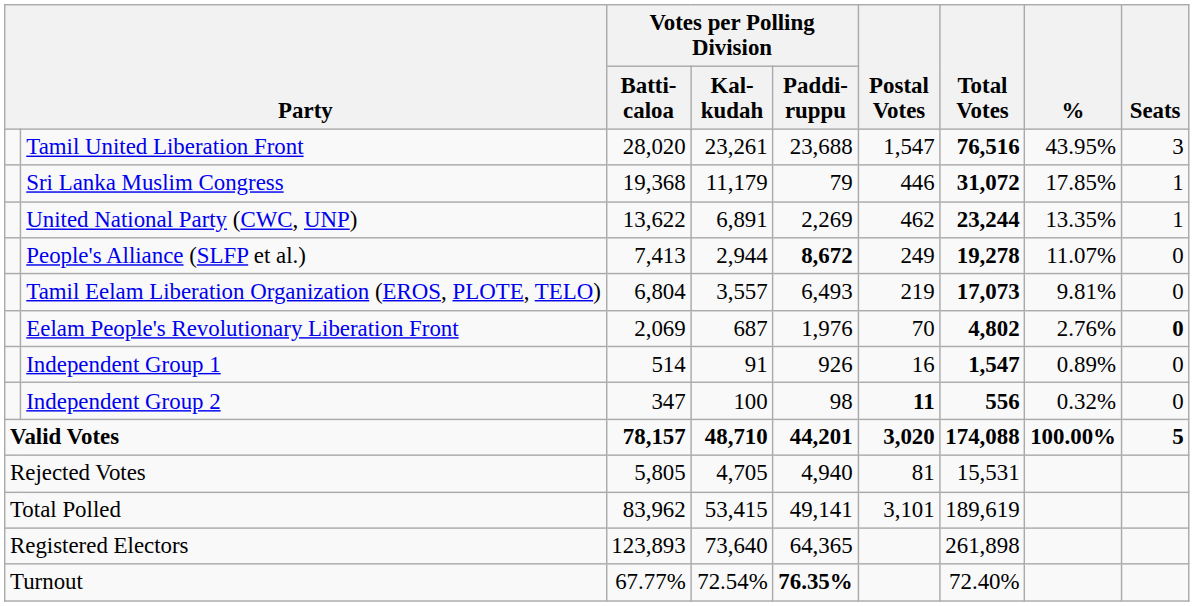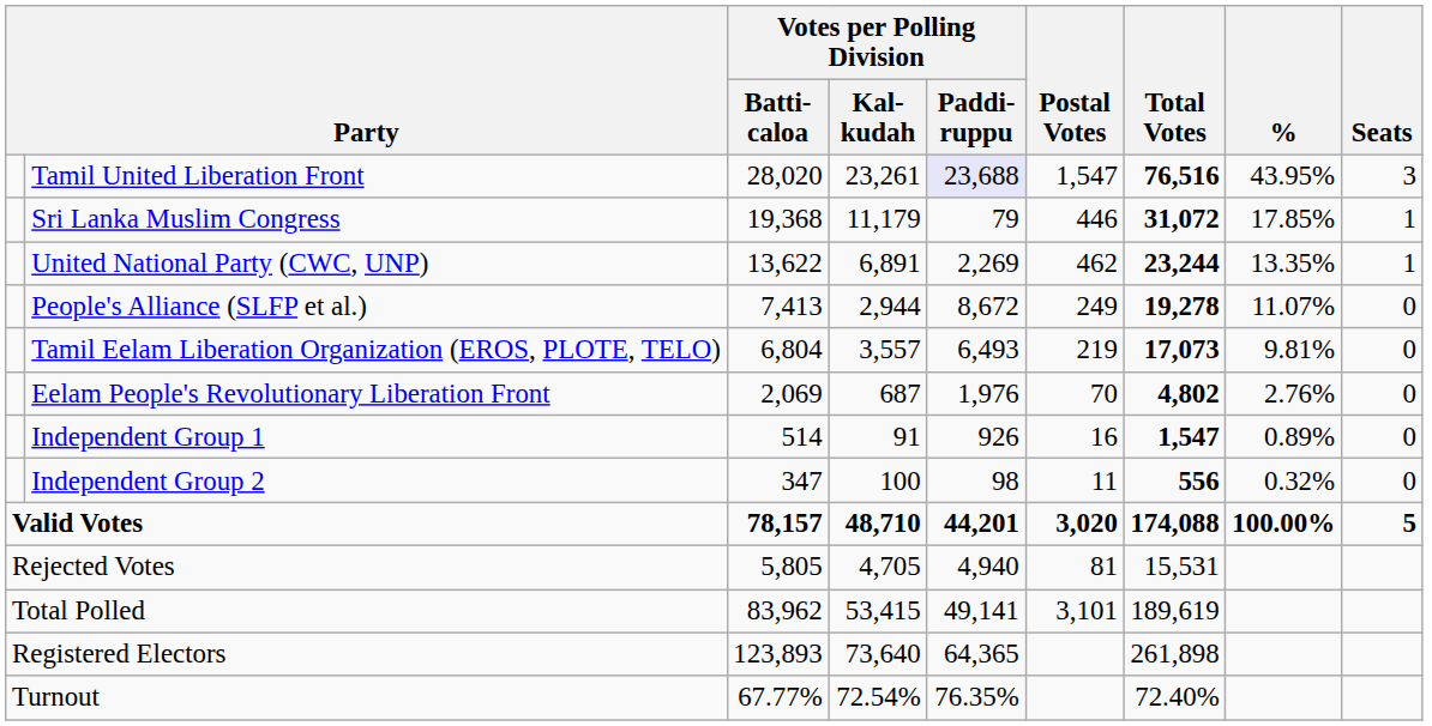 <table class="wikitable" border="1" style="text-align:right;">
 <tr>
 <th align=left valign=bottom rowspan=2 colspan=2>Party</th>
 <th colspan=3>Votes per Polling Division</th>
 <th align=center valign=bottom rowspan=2 width="50">Postal<br>Votes</th>
 <th align=center valign=bottom rowspan=2 width="50">Total Votes</th>
 <th align=center valign=bottom rowspan=2 width="50">%</th>
 <th align=center valign=bottom rowspan=2 width="40">Seats</th>
 </tr>
 <tr>
 <th align=center valign=bottom width="50">Batti-<br>caloa</th>
 <th align=center valign=bottom width="50">Kal-<br>kudah</th>
 <th align=center valign=bottom width="50">Paddi-<br>ruppu</th>
 </tr>
 <tr>
 <td bgcolor=> </td>
 <td align=left><a href='#'>Tamil United Liberation Front</a></td>
 <td>28,020</td>
 <td>23,261</td>
-<td>23,688</td>
+<td style="background: lavender;">23,688</td>
 <td>1,547</td>
 <td><strong>76,516</strong></td>
 <td>43.95%</td>
 <td>3</td>
 </tr>
 <tr>
 <td bgcolor=> </td>
 <td align=left><a href='#'>Sri Lanka Muslim Congress</a></td>
 <td>19,368</td>
 <td>11,179</td>
 <td>79</td>
 <td>446</td>
 <td><strong>31,072</strong></td>
 <td>17.85%</td>
 <td>1</td>
 </tr>
 <tr>
 <td bgcolor=> </td>
 <td align=left><a href='#'>United National Party</a> (<a href='#'>CWC</a>, <a href='#'>UNP</a>)</td>
 <td>13,622</td>
 <td>6,891</td>
 <td>2,269</td>
 <td>462</td>
 <td><strong>23,244</strong></td>
 <td>13.35%</td>
 <td>1</td>
 </tr>
 <tr>
 <td bgcolor=> </td>
 <td align=left><a href='#'>People's Alliance</a> (<a href='#'>SLFP</a> et al.)</td>
 <td>7,413</td>
 <td>2,944</td>
-<td><strong>8,672</strong></td>
+<td>8,672</td>
 <td>249</td>
 <td><strong>19,278</strong></td>
 <td>11.07%</td>
 <td>0</td>
 </tr>
 <tr>
 <td bgcolor=> </td>
 <td align=left><a href='#'>Tamil Eelam Liberation Organization</a> (<a href='#'>EROS</a>, <a href='#'>PLOTE</a>, <a href='#'>TELO</a>)</td>
 <td>6,804</td>
 <td>3,557</td>
 <td>6,493</td>
 <td>219</td>
 <td><strong>17,073</strong></td>
 <td>9.81%</td>
 <td>0</td>
 </tr>
 <tr>
 <td bgcolor=> </td>
 <td align=left><a href='#'>Eelam People's Revolutionary Liberation Front</a></td>
 <td>2,069</td>
 <td>687</td>
 <td>1,976</td>
 <td>70</td>
 <td><strong>4,802</strong></td>
 <td>2.76%</td>
-<td><strong>0</strong></td>
+<td>0</td>
 </tr>
 <tr>
 <td bgcolor=> </td>
 <td align=left><a href='#'>Independent Group 1</a></td>
 <td>514</td>
 <td>91</td>
 <td>926</td>
 <td>16</td>
 <td><strong>1,547</strong></td>
 <td>0.89%</td>
 <td>0</td>
 </tr>
 <tr>
 <td bgcolor=> </td>
 <td align=left><a href='#'>Independent Group 2</a></td>
 <td>347</td>
 <td>100</td>
 <td>98</td>
-<td><strong>11</strong></td>
+<td>11</td>
 <td><strong>556</strong></td>
 <td>0.32%</td>
 <td>0</td>
 </tr>
 <tr>
 <td align=left colspan=2><strong>Valid Votes</strong></td>
 <td><strong>78,157</strong></td>
 <td><strong>48,710</strong></td>
 <td><strong>44,201</strong></td>
 <td><strong>3,020</strong></td>
 <td><strong>174,088</strong></td>
 <td><strong>100.00%</strong></td>
 <td><strong>5</strong></td>
 </tr>
 <tr>
 <td align=left colspan=2>Rejected Votes</td>
 <td>5,805</td>
 <td>4,705</td>
 <td>4,940</td>
 <td>81</td>
 <td>15,531</td>
 <td></td>
 <td></td>
 </tr>
 <tr>
 <td align=left colspan=2>Total Polled</td>
 <td>83,962</td>
 <td>53,415</td>
 <td>49,141</td>
 <td>3,101</td>
 <td>189,619</td>
 <td></td>
 <td></td>
 </tr>
 <tr>
 <td align=left colspan=2>Registered Electors</td>
 <td>123,893</td>
 <td>73,640</td>
 <td>64,365</td>
 <td></td>
 <td>261,898</td>
 <td></td>
 <td></td>
 </tr>
 <tr>
 <td align=left colspan=2>Turnout</td>
 <td>67.77%</td>
 <td>72.54%</td>
-<td><strong>76.35%</strong></td>
+<td>76.35%</td>
 <td></td>
 <td>72.40%</td>
 <td></td>
 <td></td>
 </tr>
 </table>
